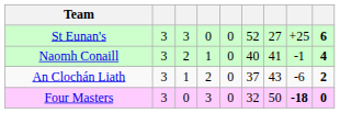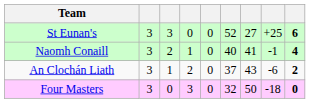 <table class="wikitable" style="text-align:center">
 <tr>
 <th style="width:175px;">Team</th>
 <th width="20"></th>
 <th width="20"></th>
 <th width="20"></th>
 <th width="20"></th>
 <th width="20"></th>
 <th width="20"></th>
 <th width="20"></th>
 <th width="20"></th>
 </tr>
 <tr style="background:#cfc;">
 <td><a href='#'>St Eunan's</a></td>
 <td>3</td>
 <td>3</td>
 <td>0</td>
 <td>0</td>
 <td>52</td>
 <td>27</td>
 <td>+25</td>
 <td><strong>6</strong></td>
 </tr>
 <tr style="background:#cfc;">
 <td><a href='#'>Naomh Conaill</a></td>
 <td>3</td>
 <td>2</td>
 <td>1</td>
 <td>0</td>
 <td>40</td>
 <td>41</td>
 <td>-1</td>
 <td><strong>4</strong></td>
 </tr>
 <tr>
 <td><a href='#'>An Clochán Liath</a></td>
 <td>3</td>
 <td>1</td>
 <td>2</td>
 <td>0</td>
 <td>37</td>
 <td>43</td>
 <td>-6</td>
 <td><strong>2</strong></td>
 </tr>
 <tr style="background:#fcf;">
 <td><a href='#'>Four Masters</a></td>
 <td>3</td>
 <td>0</td>
 <td>3</td>
 <td>0</td>
 <td>32</td>
 <td>50</td>
-<td><strong>-18</strong></td>
+<td>-18</td>
 <td><strong>0</strong></td>
 </tr>
 </table>
